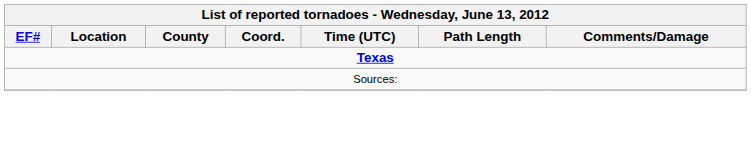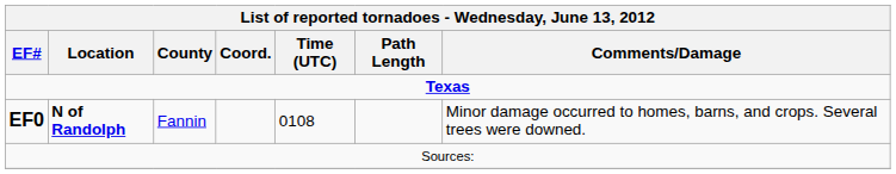 <table class="wikitable collapsible" width="100%">
 <tr>
 <th colspan="7">List of reported tornadoes - Wednesday, June 13, 2012</th>
 </tr>
 <tr>
 <th><a href='#'>EF#</a></th>
 <th>Location</th>
 <th>County</th>
 <th>Coord.</th>
 <th>Time (UTC)</th>
 <th>Path Length</th>
 <th>Comments/Damage</th>
 </tr>
 <tr>
 <td colspan="7" align=center><strong><a href='#'>Texas</a></strong></td>
 </tr>
 <tr>
+<td><big><strong>EF0</strong></big></td>
+<td><strong>N of <a href='#'>Randolph</a></strong></td>
+<td><a href='#'>Fannin</a></td>
+<td></td>
+<td>0108</td>
+<td></td>
+<td>Minor damage occurred to homes, barns, and crops. Several trees were downed.</td>
+</tr>
+<tr>
 <td colspan="7" align=center><small>Sources: </small></td>
 </tr>
 <tr>
 </tr>
 </table>
